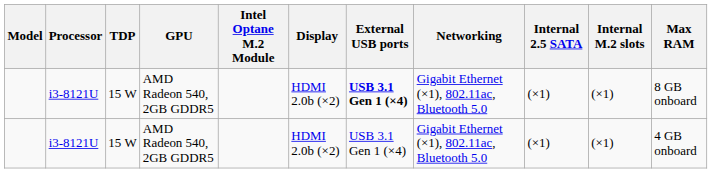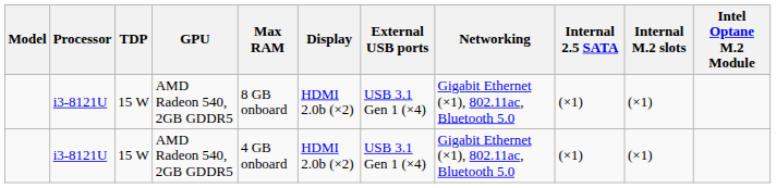 <table class="wikitable">
 <tr>
 <th>Model</th>
 <th>Processor</th>
 <th>TDP</th>
 <th>GPU</th>
-<th>Intel <a href='#'>Optane</a> M.2 Module</th>
+<th>Max RAM</th>
 <th>Display</th>
 <th>External USB ports</th>
 <th>Networking</th>
 <th>Internal 2.5 <a href='#'>SATA</a></th>
 <th>Internal M.2 slots</th>
-<th>Max RAM</th>
+<th>Intel <a href='#'>Optane</a> M.2 Module</th>
 </tr>
 <tr>
 <td></td>
 <td><a href='#'>i3-8121U</a></td>
 <td>15 W</td>
 <td>AMD Radeon 540, 2GB GDDR5</td>
-<td></td>
+<td>8 GB onboard</td>
 <td><a href='#'>HDMI</a> 2.0b (×2)</td>
-<td><strong><a href='#'>USB 3.1</a> Gen 1 (×4)</strong></td>
+<td><a href='#'>USB 3.1</a> Gen 1 (×4)</td>
 <td><a href='#'>Gigabit Ethernet</a> (×1), <a href='#'>802.11ac</a>, <a href='#'>Bluetooth 5.0</a></td>
 <td> (×1)</td>
 <td> (×1)</td>
-<td>8 GB onboard</td>
+<td></td>
 </tr>
 <tr>
 <td></td>
 <td><a href='#'>i3-8121U</a></td>
 <td>15 W</td>
 <td>AMD Radeon 540, 2GB GDDR5</td>
-<td></td>
+<td>4 GB onboard</td>
 <td><a href='#'>HDMI</a> 2.0b (×2)</td>
 <td><a href='#'>USB 3.1</a> Gen 1 (×4)</td>
 <td><a href='#'>Gigabit Ethernet</a> (×1), <a href='#'>802.11ac</a>, <a href='#'>Bluetooth 5.0</a></td>
 <td> (×1)</td>
 <td> (×1)</td>
-<td>4 GB onboard</td>
+<td></td>
 </tr>
 </table>
